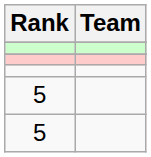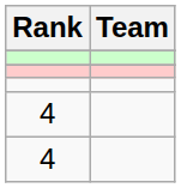 <table class="wikitable" border="1">
 <tr>
 <th>Rank</th>
 <th>Team</th>
 </tr>
 <tr>
 </tr>
 <tr bgcolor=#ccffcc>
 <td align=center></td>
 <td></td>
 </tr>
 <tr>
 </tr>
 <tr bgcolor=#ffcccc>
 <td align=center></td>
 <td></td>
 </tr>
 <tr>
 <td align=center></td>
 <td></td>
 </tr>
 <tr>
-<td align=center>5</td>
+<td align=center>4</td>
 <td></td>
 </tr>
 <tr>
-<td align=center>5</td>
+<td align=center>4</td>
 <td></td>
 </tr>
 </table>
